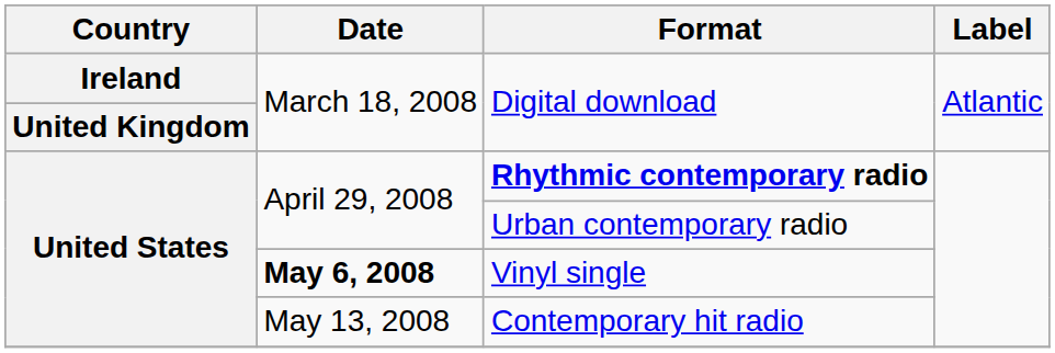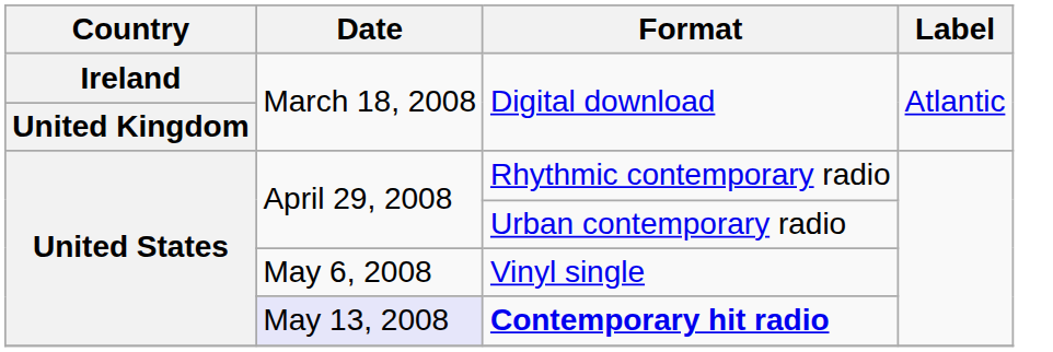 <table class="wikitable plainrowheaders">
 <tr>
 <th scope="col">Country</th>
 <th scope="col">Date</th>
 <th scope="col">Format</th>
 <th scope="col">Label</th>
 </tr>
 <tr>
 <th scope="row">Ireland</th>
 <td rowspan="2">March 18, 2008</td>
 <td rowspan="2"><a href='#'>Digital download</a></td>
 <td rowspan="2"><a href='#'>Atlantic</a></td>
 </tr>
 <tr>
 <th scope="row">United Kingdom</th>
 </tr>
 <tr>
 <th scope="row" rowspan="4">United States</th>
 <td rowspan="2">April 29, 2008</td>
-<td><strong><a href='#'>Rhythmic contemporary</a> radio</strong></td>
+<td><a href='#'>Rhythmic contemporary</a> radio</td>
 <td rowspan="4"></td>
 </tr>
 <tr>
 <td><a href='#'>Urban contemporary</a> radio</td>
 </tr>
 <tr>
-<td><strong>May 6, 2008</strong></td>
+<td>May 6, 2008</td>
 <td><a href='#'>Vinyl single</a></td>
 </tr>
 <tr>
-<td>May 13, 2008</td>
-<td><a href='#'>Contemporary hit radio</a></td>
+<td style="background: lavender;">May 13, 2008</td>
+<td><strong><a href='#'>Contemporary hit radio</a></strong></td>
 </tr>
 <tr>
 </tr>
 </table>
